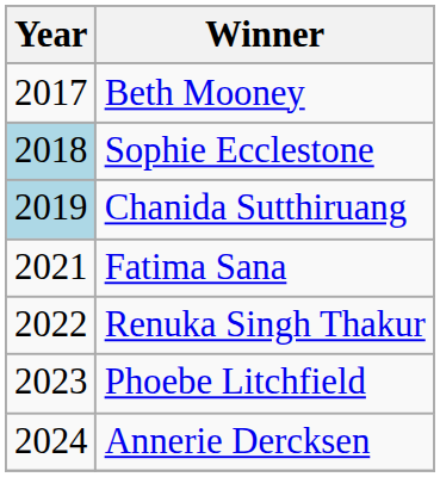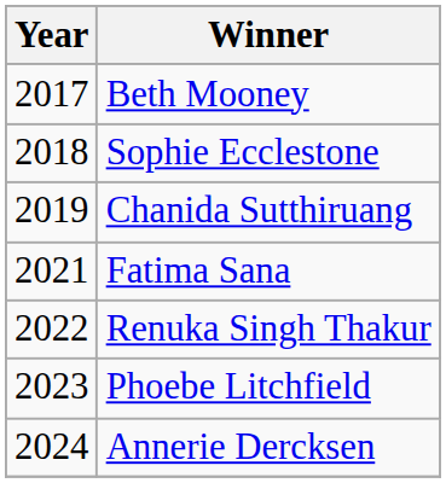 <table class="wikitable">
 <tr>
 <th>Year</th>
 <th>Winner</th>
 </tr>
 <tr>
 <td>2017</td>
 <td> <a href='#'>Beth Mooney</a></td>
 </tr>
 <tr>
-<td style="background: lightblue;">2018</td>
+<td>2018</td>
 <td> <a href='#'>Sophie Ecclestone</a></td>
 </tr>
 <tr>
-<td style="background: lightblue;">2019</td>
+<td>2019</td>
 <td> <a href='#'>Chanida Sutthiruang</a></td>
 </tr>
 <tr>
 <td>2021</td>
 <td> <a href='#'>Fatima Sana</a></td>
 </tr>
 <tr>
 <td>2022</td>
 <td> <a href='#'>Renuka Singh Thakur</a></td>
 </tr>
 <tr>
 <td>2023</td>
 <td> <a href='#'>Phoebe Litchfield</a></td>
 </tr>
 <tr>
 <td>2024</td>
 <td> <a href='#'>Annerie Dercksen</a></td>
 </tr>
 <tr>
 </tr>
 </table>
